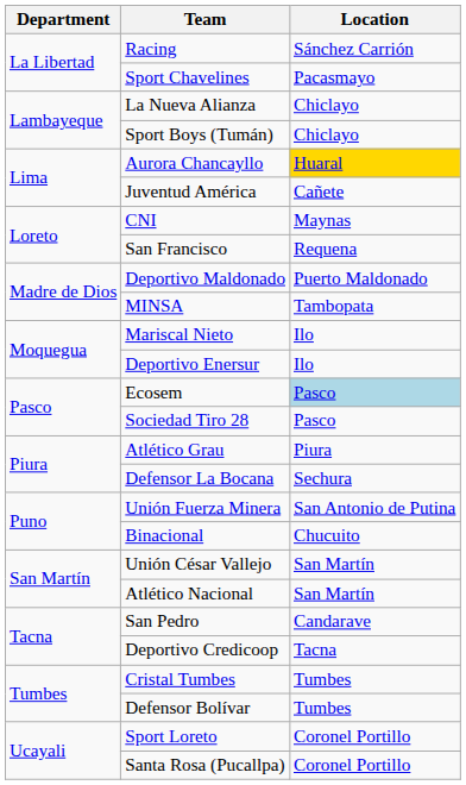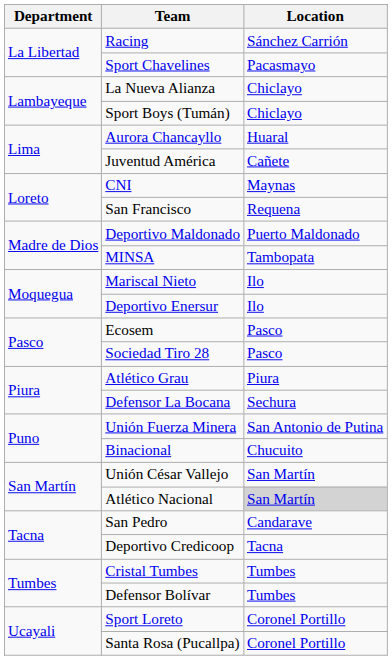 <table class="wikitable">
 <tr>
 <th>Department</th>
 <th>Team</th>
 <th>Location</th>
 </tr>
 <tr>
 <td rowspan="2"><a href='#'>La Libertad</a></td>
 <td><a href='#'>Racing</a></td>
 <td><a href='#'>Sánchez Carrión</a></td>
 </tr>
 <tr>
 <td><a href='#'>Sport Chavelines</a></td>
 <td><a href='#'>Pacasmayo</a></td>
 </tr>
 <tr>
 <td rowspan="2"><a href='#'>Lambayeque</a></td>
 <td>La Nueva Alianza</td>
 <td><a href='#'>Chiclayo</a></td>
 </tr>
 <tr>
 <td>Sport Boys (Tumán)</td>
 <td><a href='#'>Chiclayo</a></td>
 </tr>
 <tr>
 <td rowspan="2"><a href='#'>Lima</a></td>
 <td><a href='#'>Aurora Chancayllo</a></td>
-<td style="background: gold;"><a href='#'>Huaral</a></td>
+<td><a href='#'>Huaral</a></td>
 </tr>
 <tr>
 <td>Juventud América</td>
 <td><a href='#'>Cañete</a></td>
 </tr>
 <tr>
 <td rowspan="2"><a href='#'>Loreto</a></td>
 <td><a href='#'>CNI</a></td>
 <td><a href='#'>Maynas</a></td>
 </tr>
 <tr>
 <td>San Francisco</td>
 <td><a href='#'>Requena</a></td>
 </tr>
 <tr>
 <td rowspan="2"><a href='#'>Madre de Dios</a></td>
 <td><a href='#'>Deportivo Maldonado</a></td>
 <td><a href='#'>Puerto Maldonado</a></td>
 </tr>
 <tr>
 <td><a href='#'>MINSA</a></td>
 <td><a href='#'>Tambopata</a></td>
 </tr>
 <tr>
 <td rowspan="2"><a href='#'>Moquegua</a></td>
 <td><a href='#'>Mariscal Nieto</a></td>
 <td><a href='#'>Ilo</a></td>
 </tr>
 <tr>
 <td><a href='#'>Deportivo Enersur</a></td>
 <td><a href='#'>Ilo</a></td>
 </tr>
 <tr>
 <td rowspan="2"><a href='#'>Pasco</a></td>
 <td>Ecosem</td>
-<td style="background: lightblue;"><a href='#'>Pasco</a></td>
+<td><a href='#'>Pasco</a></td>
 </tr>
 <tr>
 <td><a href='#'>Sociedad Tiro 28</a></td>
 <td><a href='#'>Pasco</a></td>
 </tr>
 <tr>
 <td rowspan="2"><a href='#'>Piura</a></td>
 <td><a href='#'>Atlético Grau</a></td>
 <td><a href='#'>Piura</a></td>
 </tr>
 <tr>
 <td><a href='#'>Defensor La Bocana</a></td>
 <td><a href='#'>Sechura</a></td>
 </tr>
 <tr>
 <td rowspan="2"><a href='#'>Puno</a></td>
 <td><a href='#'>Unión Fuerza Minera</a></td>
 <td><a href='#'>San Antonio de Putina</a></td>
 </tr>
 <tr>
 <td><a href='#'>Binacional</a></td>
 <td><a href='#'>Chucuito</a></td>
 </tr>
 <tr>
 <td rowspan="2"><a href='#'>San Martín</a></td>
 <td>Unión César Vallejo</td>
 <td><a href='#'>San Martín</a></td>
 </tr>
 <tr>
 <td>Atlético Nacional</td>
-<td><a href='#'>San Martín</a></td>
+<td style="background: lightgrey;"><a href='#'>San Martín</a></td>
 </tr>
 <tr>
 <td rowspan="2"><a href='#'>Tacna</a></td>
 <td>San Pedro</td>
 <td><a href='#'>Candarave</a></td>
 </tr>
 <tr>
 <td>Deportivo Credicoop</td>
 <td><a href='#'>Tacna</a></td>
 </tr>
 <tr>
 <td rowspan="2"><a href='#'>Tumbes</a></td>
 <td><a href='#'>Cristal Tumbes</a></td>
 <td><a href='#'>Tumbes</a></td>
 </tr>
 <tr>
 <td>Defensor Bolívar</td>
 <td><a href='#'>Tumbes</a></td>
 </tr>
 <tr>
 <td rowspan="2"><a href='#'>Ucayali</a></td>
 <td><a href='#'>Sport Loreto</a></td>
 <td><a href='#'>Coronel Portillo</a></td>
 </tr>
 <tr>
 <td>Santa Rosa (Pucallpa)</td>
 <td><a href='#'>Coronel Portillo</a></td>
 </tr>
 </table>
